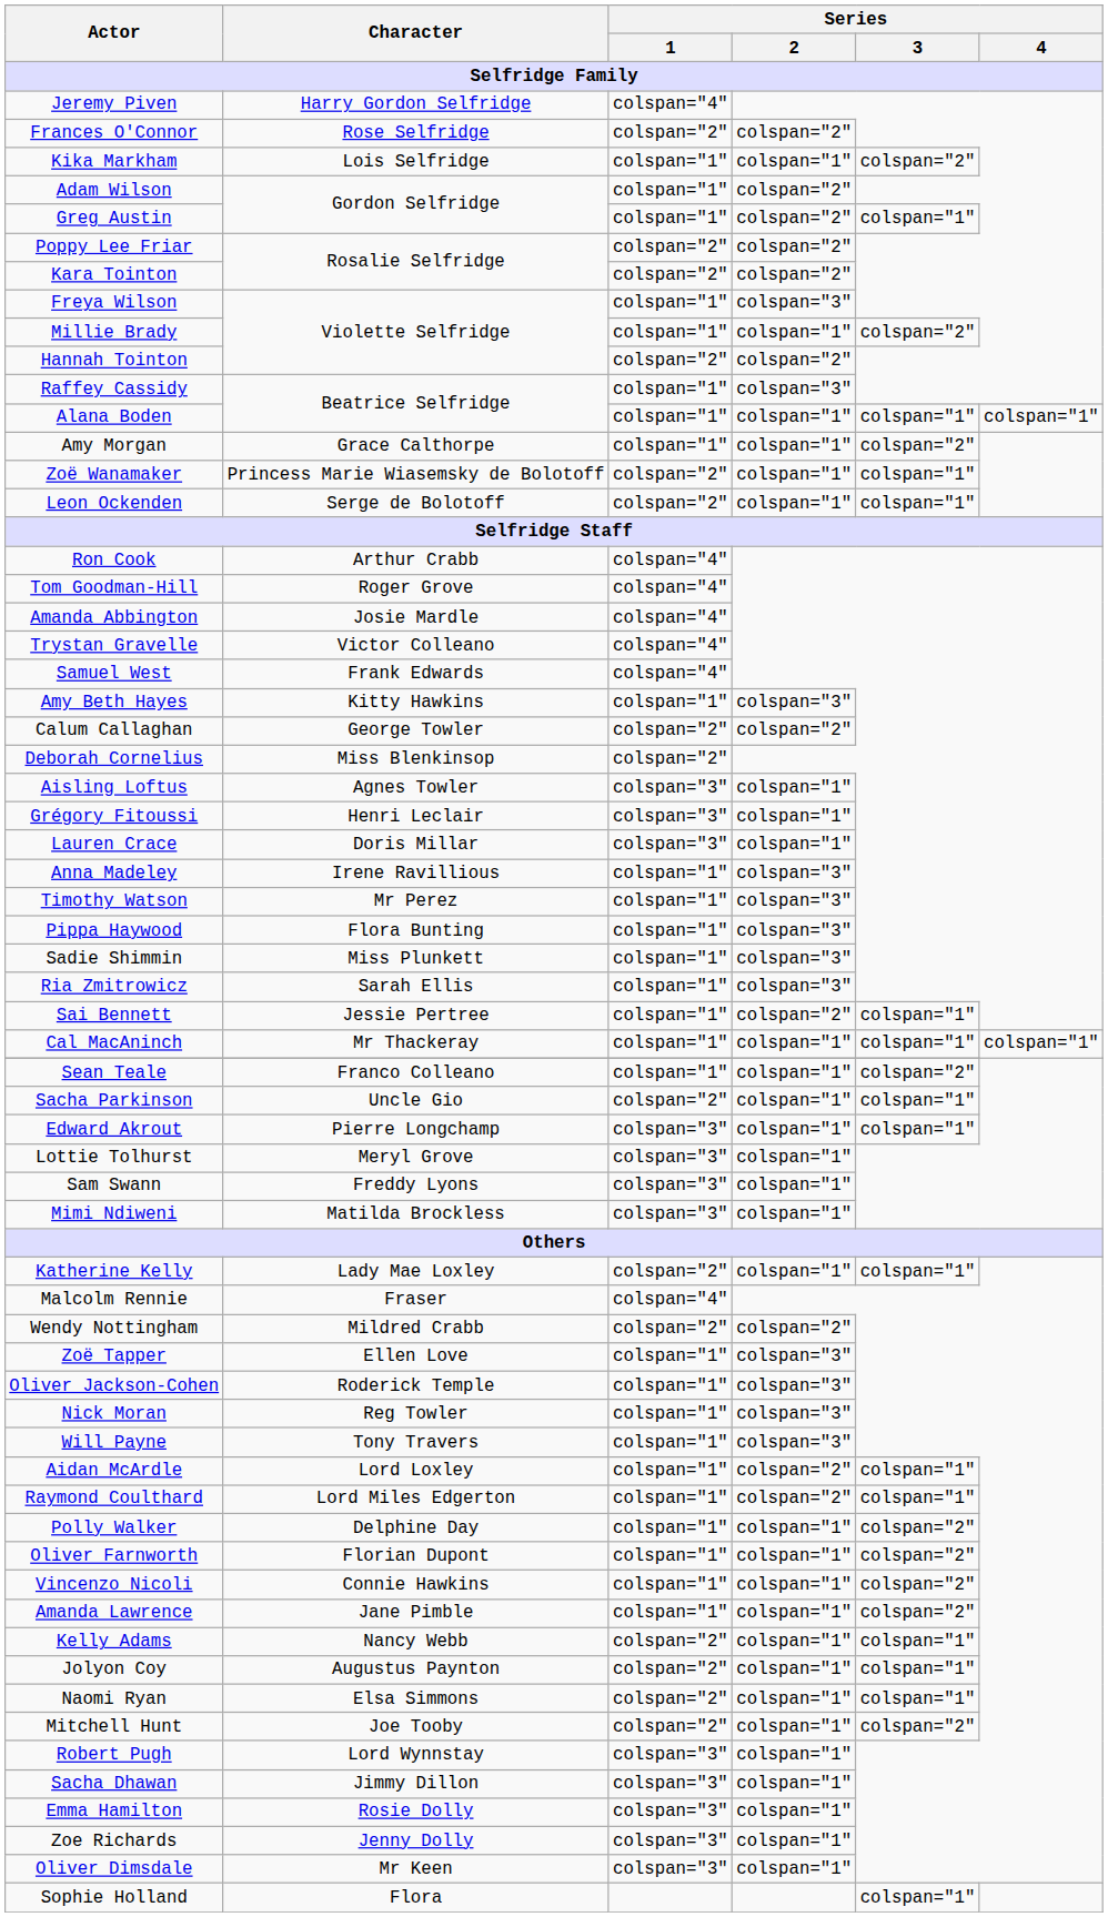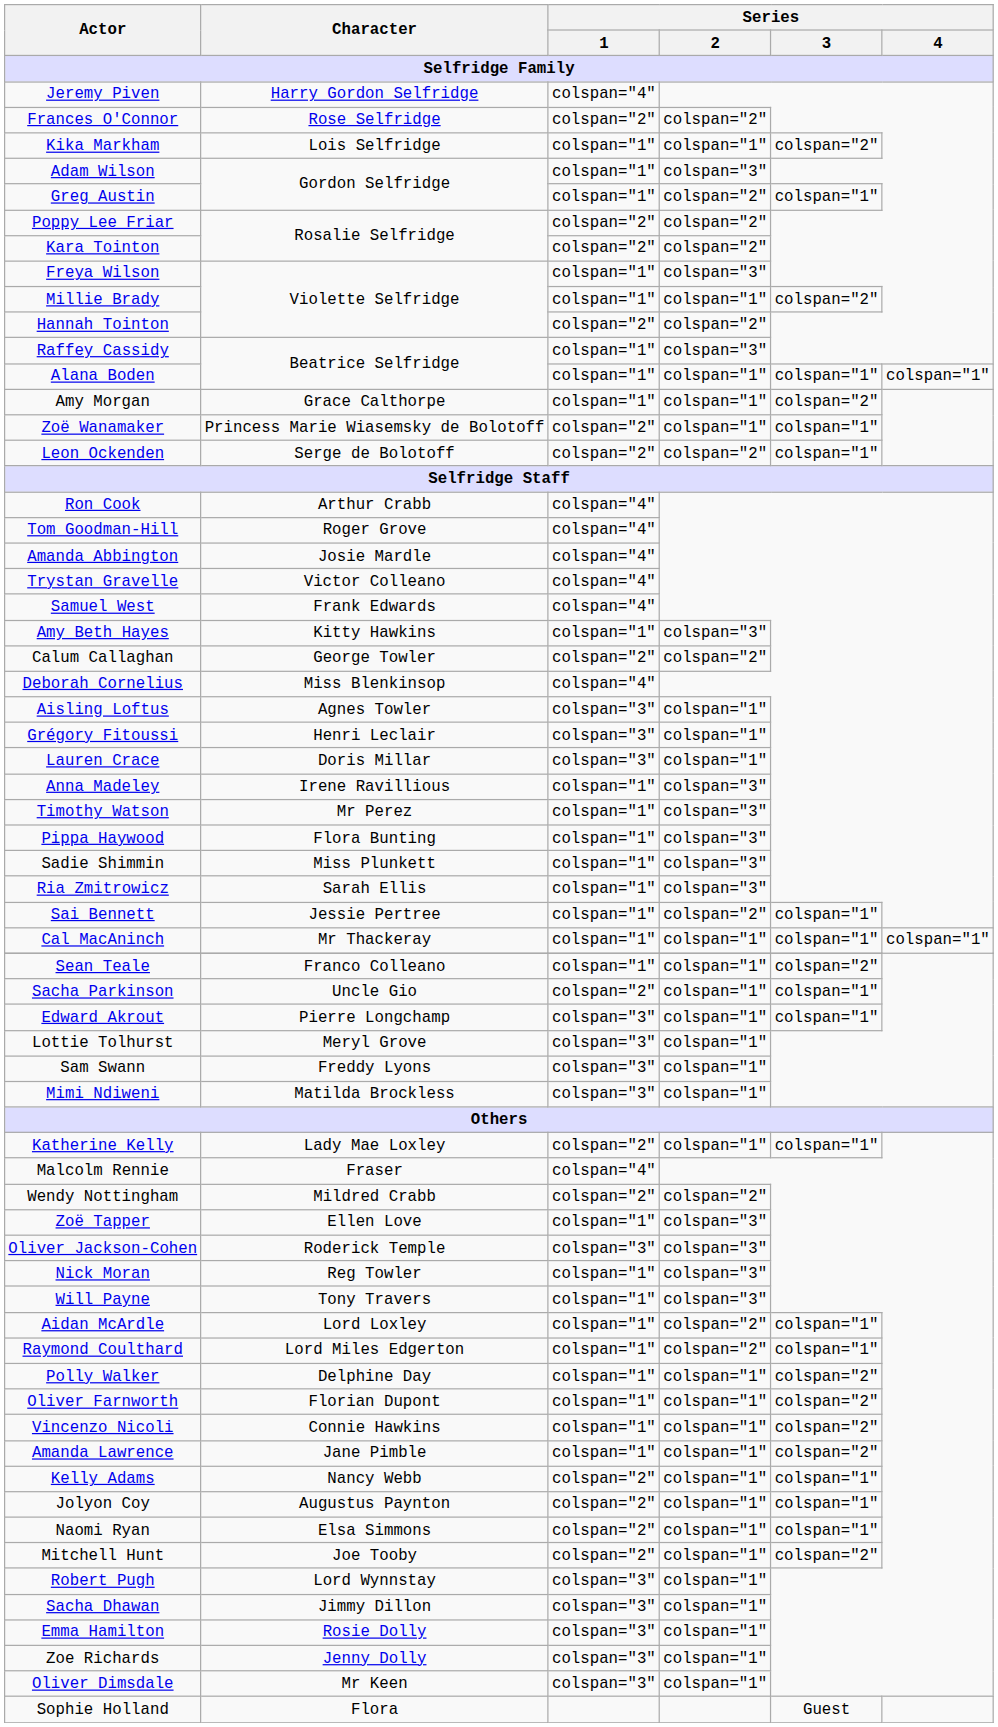 <table class="wikitable plainrowheaders" style="text-align:center;">
 <tr>
 <th scope="col" rowspan="2">Actor</th>
 <th scope="col" rowspan="2">Character</th>
 <th scope="col" colspan="6">Series</th>
 </tr>
 <tr>
 <th>1</th>
 <th>2</th>
 <th>3</th>
 <th>4</th>
 </tr>
 <tr>
 <th colspan="9" style="background-color:#ddf;">Selfridge Family</th>
 </tr>
 <tr>
 <td style="text-align:center;"><a href='#'>Jeremy Piven</a></td>
 <td style="text-align:center;"><a href='#'>Harry Gordon Selfridge</a></td>
 <td>colspan="4" </td>
 </tr>
 <tr>
 <td style="text-align:center;"><a href='#'>Frances O'Connor</a></td>
 <td style="text-align:center;"><a href='#'>Rose Selfridge</a></td>
 <td>colspan="2" </td>
 <td>colspan="2" </td>
 </tr>
 <tr>
 <td style="text-align:center;"><a href='#'>Kika Markham</a></td>
 <td style="text-align:center;">Lois Selfridge</td>
 <td>colspan="1" </td>
 <td>colspan="1" </td>
 <td>colspan="2" </td>
 </tr>
 <tr>
 <td style="text-align:center;"><a href='#'>Adam Wilson</a></td>
 <td style="text-align:center;" rowspan="2">Gordon Selfridge</td>
 <td>colspan="1" </td>
-<td>colspan="2" </td>
+<td>colspan="3" </td>
 </tr>
 <tr>
 <td style="text-align:center;"><a href='#'>Greg Austin</a></td>
 <td>colspan="1" </td>
 <td>colspan="2" </td>
 <td>colspan="1" </td>
 </tr>
 <tr>
 <td style="text-align:center;"><a href='#'>Poppy Lee Friar</a></td>
 <td style="text-align:center;" rowspan="2">Rosalie Selfridge</td>
 <td>colspan="2" </td>
 <td>colspan="2" </td>
 </tr>
 <tr>
 <td style="text-align:center;"><a href='#'>Kara Tointon</a></td>
 <td>colspan="2" </td>
 <td>colspan="2" </td>
 </tr>
 <tr>
 <td style="text-align:center;"><a href='#'>Freya Wilson</a></td>
 <td style="text-align:center;" rowspan="3">Violette Selfridge</td>
 <td>colspan="1" </td>
 <td>colspan="3" </td>
 </tr>
 <tr>
 <td style="text-align:center;"><a href='#'>Millie Brady</a></td>
 <td>colspan="1" </td>
 <td>colspan="1" </td>
 <td>colspan="2" </td>
 </tr>
 <tr>
 <td style="text-align:center;"><a href='#'>Hannah Tointon</a></td>
 <td>colspan="2" </td>
 <td>colspan="2" </td>
 </tr>
 <tr>
 <td style="text-align:center;"><a href='#'>Raffey Cassidy</a></td>
 <td style="text-align:center;" rowspan="2">Beatrice Selfridge</td>
 <td>colspan="1" </td>
 <td>colspan="3" </td>
 </tr>
 <tr>
 <td style="text-align:center;"><a href='#'>Alana Boden</a></td>
 <td>colspan="1" </td>
 <td>colspan="1" </td>
 <td>colspan="1" </td>
 <td>colspan="1" </td>
 </tr>
 <tr>
 <td style="text-align:center;">Amy Morgan</td>
 <td style="text-align:center;">Grace Calthorpe</td>
 <td>colspan="1" </td>
 <td>colspan="1" </td>
 <td>colspan="2" </td>
 </tr>
 <tr>
 <td style="text-align:center;"><a href='#'>Zoë Wanamaker</a></td>
 <td style="text-align:center;">Princess Marie Wiasemsky de Bolotoff</td>
 <td>colspan="2" </td>
 <td>colspan="1" </td>
 <td>colspan="1" </td>
 </tr>
 <tr>
 <td style="text-align:center;"><a href='#'>Leon Ockenden</a></td>
 <td style="text-align:center;">Serge de Bolotoff</td>
 <td>colspan="2" </td>
-<td>colspan="1" </td>
+<td>colspan="2" </td>
 <td>colspan="1" </td>
 </tr>
 <tr>
 <th colspan="9" style="background-color:#ddf;">Selfridge Staff</th>
 </tr>
 <tr>
 <td style="text-align:center;"><a href='#'>Ron Cook</a></td>
 <td style="text-align:center;">Arthur Crabb</td>
 <td>colspan="4" </td>
 </tr>
 <tr>
 <td style="text-align:center;"><a href='#'>Tom Goodman-Hill</a></td>
 <td style="text-align:center;">Roger Grove</td>
 <td>colspan="4" </td>
 </tr>
 <tr>
 <td style="text-align:center;"><a href='#'>Amanda Abbington</a></td>
 <td style="text-align:center;">Josie Mardle</td>
 <td>colspan="4" </td>
 </tr>
 <tr>
 <td style="text-align:center;"><a href='#'>Trystan Gravelle</a></td>
 <td style="text-align:center;">Victor Colleano</td>
 <td>colspan="4" </td>
 </tr>
 <tr>
 <td style="text-align:center;"><a href='#'>Samuel West</a></td>
 <td style="text-align:center;">Frank Edwards</td>
 <td>colspan="4" </td>
 </tr>
 <tr>
 <td style="text-align:center;"><a href='#'>Amy Beth Hayes</a></td>
 <td style="text-align:center;">Kitty Hawkins</td>
 <td>colspan="1" </td>
 <td>colspan="3" </td>
 </tr>
 <tr>
 <td style="text-align:center;">Calum Callaghan</td>
 <td style="text-align:center;">George Towler</td>
 <td>colspan="2" </td>
 <td>colspan="2" </td>
 </tr>
 <tr>
 <td style="text-align:center;"><a href='#'>Deborah Cornelius</a></td>
 <td style="text-align:center;">Miss Blenkinsop</td>
-<td>colspan="2" </td>
+<td>colspan="4" </td>
 </tr>
 <tr>
 <td style="text-align:center;"><a href='#'>Aisling Loftus</a></td>
 <td style="text-align:center;">Agnes Towler</td>
 <td>colspan="3" </td>
 <td>colspan="1" </td>
 </tr>
 <tr>
 <td style="text-align:center;"><a href='#'>Grégory Fitoussi</a></td>
 <td style="text-align:center;">Henri Leclair</td>
 <td>colspan="3" </td>
 <td>colspan="1" </td>
 </tr>
 <tr>
 <td style="text-align:center;"><a href='#'>Lauren Crace</a></td>
 <td style="text-align:center;">Doris Millar</td>
 <td>colspan="3" </td>
 <td>colspan="1" </td>
 </tr>
 <tr>
 <td style="text-align:center;"><a href='#'>Anna Madeley</a></td>
 <td style="text-align:center;">Irene Ravillious</td>
 <td>colspan="1" </td>
 <td>colspan="3" </td>
 </tr>
 <tr>
 <td style="text-align:center;"><a href='#'>Timothy Watson</a></td>
 <td style="text-align:center;">Mr Perez</td>
 <td>colspan="1" </td>
 <td>colspan="3" </td>
 </tr>
 <tr>
 <td style="text-align:center;"><a href='#'>Pippa Haywood</a></td>
 <td style="text-align:center;">Flora Bunting</td>
 <td>colspan="1" </td>
 <td>colspan="3" </td>
 </tr>
 <tr>
 <td style="text-align:center;">Sadie Shimmin</td>
 <td style="text-align:center;">Miss Plunkett</td>
 <td>colspan="1" </td>
 <td>colspan="3" </td>
 </tr>
 <tr>
 <td style="text-align:center;"><a href='#'>Ria Zmitrowicz</a></td>
 <td style="text-align:center;">Sarah Ellis</td>
 <td>colspan="1" </td>
 <td>colspan="3" </td>
 </tr>
 <tr>
 <td style="text-align:center;"><a href='#'>Sai Bennett</a></td>
 <td style="text-align:center;">Jessie Pertree</td>
 <td>colspan="1" </td>
 <td>colspan="2" </td>
 <td>colspan="1" </td>
 </tr>
 <tr>
 <td style="text-align:center;"><a href='#'>Cal MacAninch</a></td>
 <td style="text-align:center;">Mr Thackeray</td>
 <td>colspan="1" </td>
 <td>colspan="1" </td>
 <td>colspan="1" </td>
 <td>colspan="1" </td>
 </tr>
 <tr>
 </tr>
 <tr>
 <td style="text-align:center;"><a href='#'>Sean Teale</a></td>
 <td style="text-align:center;">Franco Colleano</td>
 <td>colspan="1" </td>
 <td>colspan="1" </td>
 <td>colspan="2" </td>
 </tr>
 <tr>
 <td style="text-align:center;"><a href='#'>Sacha Parkinson</a></td>
 <td style="text-align:center;">Uncle Gio</td>
 <td>colspan="2" </td>
 <td>colspan="1" </td>
 <td>colspan="1" </td>
 </tr>
 <tr>
 <td style="text-align:center;"><a href='#'>Edward Akrout</a></td>
 <td style="text-align:center;">Pierre Longchamp</td>
 <td>colspan="3" </td>
 <td>colspan="1" </td>
 <td>colspan="1" </td>
 </tr>
 <tr>
 <td style="text-align:center;">Lottie Tolhurst</td>
 <td style="text-align:center;">Meryl Grove</td>
 <td>colspan="3" </td>
 <td>colspan="1" </td>
 </tr>
 <tr>
 <td style="text-align:center;">Sam Swann</td>
 <td style="text-align:center;">Freddy Lyons</td>
 <td>colspan="3" </td>
 <td>colspan="1" </td>
 </tr>
 <tr>
 <td style="text-align:center;"><a href='#'>Mimi Ndiweni</a></td>
 <td style="text-align:center;">Matilda Brockless</td>
 <td>colspan="3" </td>
 <td>colspan="1" </td>
 </tr>
 <tr>
 <th colspan="9" style="background-color:#ddf;">Others</th>
 </tr>
 <tr>
 <td style="text-align:center;"><a href='#'>Katherine Kelly</a></td>
 <td style="text-align:center;">Lady Mae Loxley</td>
 <td>colspan="2" </td>
 <td>colspan="1" </td>
 <td>colspan="1" </td>
 </tr>
 <tr>
 <td style="text-align:center;">Malcolm Rennie</td>
 <td style="text-align:center;">Fraser</td>
 <td>colspan="4" </td>
 </tr>
 <tr>
 <td style="text-align:center;">Wendy Nottingham</td>
 <td style="text-align:center;">Mildred Crabb</td>
 <td>colspan="2" </td>
 <td>colspan="2" </td>
 </tr>
 <tr>
 <td style="text-align:center;"><a href='#'>Zoë Tapper</a></td>
 <td style="text-align:center;">Ellen Love</td>
 <td>colspan="1" </td>
 <td>colspan="3" </td>
 </tr>
 <tr>
 <td style="text-align:center;"><a href='#'>Oliver Jackson-Cohen</a></td>
 <td style="text-align:center;">Roderick Temple</td>
-<td>colspan="1" </td>
+<td>colspan="3" </td>
 <td>colspan="3" </td>
 </tr>
 <tr>
 <td style="text-align:center;"><a href='#'>Nick Moran</a></td>
 <td style="text-align:center;">Reg Towler</td>
 <td>colspan="1" </td>
 <td>colspan="3" </td>
 </tr>
 <tr>
 <td style="text-align:center;"><a href='#'>Will Payne</a></td>
 <td style="text-align:center;">Tony Travers</td>
 <td>colspan="1" </td>
 <td>colspan="3" </td>
 </tr>
 <tr>
 <td style="text-align:center;"><a href='#'>Aidan McArdle</a></td>
 <td style="text-align:center;">Lord Loxley</td>
 <td>colspan="1" </td>
 <td>colspan="2" </td>
 <td>colspan="1" </td>
 </tr>
 <tr>
 <td style="text-align:center;"><a href='#'>Raymond Coulthard</a></td>
 <td style="text-align:center;">Lord Miles Edgerton</td>
 <td>colspan="1" </td>
 <td>colspan="2" </td>
 <td>colspan="1" </td>
 </tr>
 <tr>
 <td style="text-align:center;"><a href='#'>Polly Walker</a></td>
 <td style="text-align:center;">Delphine Day</td>
 <td>colspan="1" </td>
 <td>colspan="1" </td>
 <td>colspan="2" </td>
 </tr>
 <tr>
 <td style="text-align:center;"><a href='#'>Oliver Farnworth</a></td>
 <td style="text-align:center;">Florian Dupont</td>
 <td>colspan="1" </td>
 <td>colspan="1" </td>
 <td>colspan="2" </td>
 </tr>
 <tr>
 <td style="text-align:center;"><a href='#'>Vincenzo Nicoli</a></td>
 <td style="text-align:center;">Connie Hawkins</td>
 <td>colspan="1" </td>
 <td>colspan="1" </td>
 <td>colspan="2" </td>
 </tr>
 <tr>
 <td style="text-align:center;"><a href='#'>Amanda Lawrence</a></td>
 <td style="text-align:center;">Jane Pimble</td>
 <td>colspan="1" </td>
 <td>colspan="1" </td>
 <td>colspan="2" </td>
 </tr>
 <tr>
 <td style="text-align:center;"><a href='#'>Kelly Adams</a></td>
 <td style="text-align:center;">Nancy Webb</td>
 <td>colspan="2" </td>
 <td>colspan="1" </td>
 <td>colspan="1" </td>
 </tr>
 <tr>
 <td style="text-align:center;">Jolyon Coy</td>
 <td style="text-align:center;">Augustus Paynton</td>
 <td>colspan="2" </td>
 <td>colspan="1" </td>
 <td>colspan="1" </td>
 </tr>
 <tr>
 <td style="text-align:center;">Naomi Ryan</td>
 <td style="text-align:center;">Elsa Simmons</td>
 <td>colspan="2" </td>
 <td>colspan="1" </td>
 <td>colspan="1" </td>
 </tr>
 <tr>
 <td style="text-align:center;">Mitchell Hunt</td>
 <td style="text-align:center;">Joe Tooby</td>
 <td>colspan="2" </td>
 <td>colspan="1" </td>
 <td>colspan="2" </td>
 </tr>
 <tr>
 <td style="text-align:center;"><a href='#'>Robert Pugh</a></td>
 <td style="text-align:center;">Lord Wynnstay</td>
 <td>colspan="3" </td>
 <td>colspan="1" </td>
 </tr>
 <tr>
 <td style="text-align:center;"><a href='#'>Sacha Dhawan</a></td>
 <td style="text-align:center;">Jimmy Dillon</td>
 <td>colspan="3" </td>
 <td>colspan="1" </td>
 </tr>
 <tr>
 <td style="text-align:center;"><a href='#'>Emma Hamilton</a></td>
 <td style="text-align:center;"><a href='#'>Rosie Dolly</a></td>
 <td>colspan="3" </td>
 <td>colspan="1" </td>
 </tr>
 <tr>
 <td style="text-align:center;">Zoe Richards</td>
 <td style="text-align:center;"><a href='#'>Jenny Dolly</a></td>
 <td>colspan="3" </td>
 <td>colspan="1" </td>
 </tr>
 <tr>
 <td style="text-align:center;"><a href='#'>Oliver Dimsdale</a></td>
 <td style="text-align:center;">Mr Keen</td>
 <td>colspan="3" </td>
 <td>colspan="1" </td>
 </tr>
 <tr>
 <td>Sophie Holland</td>
 <td>Flora</td>
 <td></td>
 <td></td>
-<td>colspan="1" </td>
+<td>Guest</td>
 <td></td>
 </tr>
 </table>
